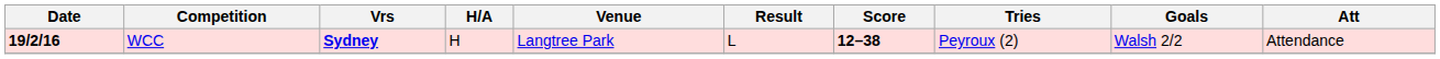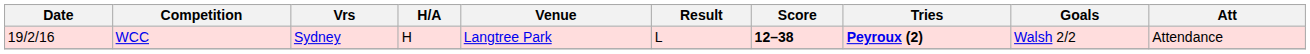 <table class="wikitable" style="font-size:85%;" width="100%">
 <tr>
 <th>Date</th>
 <th>Competition</th>
 <th>Vrs</th>
 <th>H/A</th>
 <th>Venue</th>
 <th>Result</th>
 <th>Score</th>
 <th>Tries</th>
 <th>Goals</th>
 <th>Att</th>
 </tr>
 <tr style="background:#ffdddd;" width=20 | >
-<td><strong>19/2/16</strong></td>
+<td>19/2/16</td>
 <td><a href='#'>WCC</a></td>
-<td><strong><a href='#'>Sydney</a></strong></td>
+<td><a href='#'>Sydney</a></td>
 <td>H</td>
 <td><a href='#'>Langtree Park</a></td>
 <td>L</td>
 <td><strong>12–38</strong></td>
-<td><a href='#'>Peyroux</a> (2)</td>
+<td><strong><a href='#'>Peyroux</a> (2)</strong></td>
 <td><a href='#'>Walsh</a> 2/2</td>
 <td>Attendance</td>
 </tr>
 <tr>
 </tr>
 </table>
